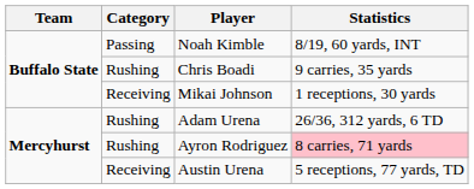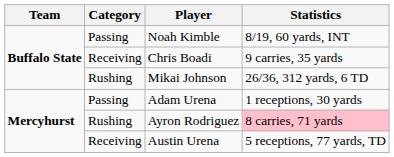 <table class="wikitable" style="float: right;">
 <tr>
 <th>Team</th>
 <th>Category</th>
 <th>Player</th>
 <th>Statistics</th>
 </tr>
 <tr>
 <td rowspan=3><strong>Buffalo State</strong></td>
 <td>Passing</td>
 <td>Noah Kimble</td>
 <td>8/19, 60 yards, INT</td>
 </tr>
 <tr>
-<td>Rushing</td>
+<td>Receiving</td>
 <td>Chris Boadi</td>
 <td>9 carries, 35 yards</td>
 </tr>
 <tr>
-<td>Receiving</td>
+<td>Rushing</td>
 <td>Mikai Johnson</td>
-<td>1 receptions, 30 yards</td>
+<td>26/36, 312 yards, 6 TD</td>
 </tr>
 <tr>
 <td rowspan=3><strong>Mercyhurst</strong></td>
-<td>Rushing</td>
+<td>Passing</td>
 <td>Adam Urena</td>
-<td>26/36, 312 yards, 6 TD</td>
+<td>1 receptions, 30 yards</td>
 </tr>
 <tr>
 <td>Rushing</td>
 <td>Ayron Rodriguez</td>
 <td style="background: pink;">8 carries, 71 yards</td>
 </tr>
 <tr>
 <td>Receiving</td>
 <td>Austin Urena</td>
 <td>5 receptions, 77 yards, TD</td>
 </tr>
 </table>
